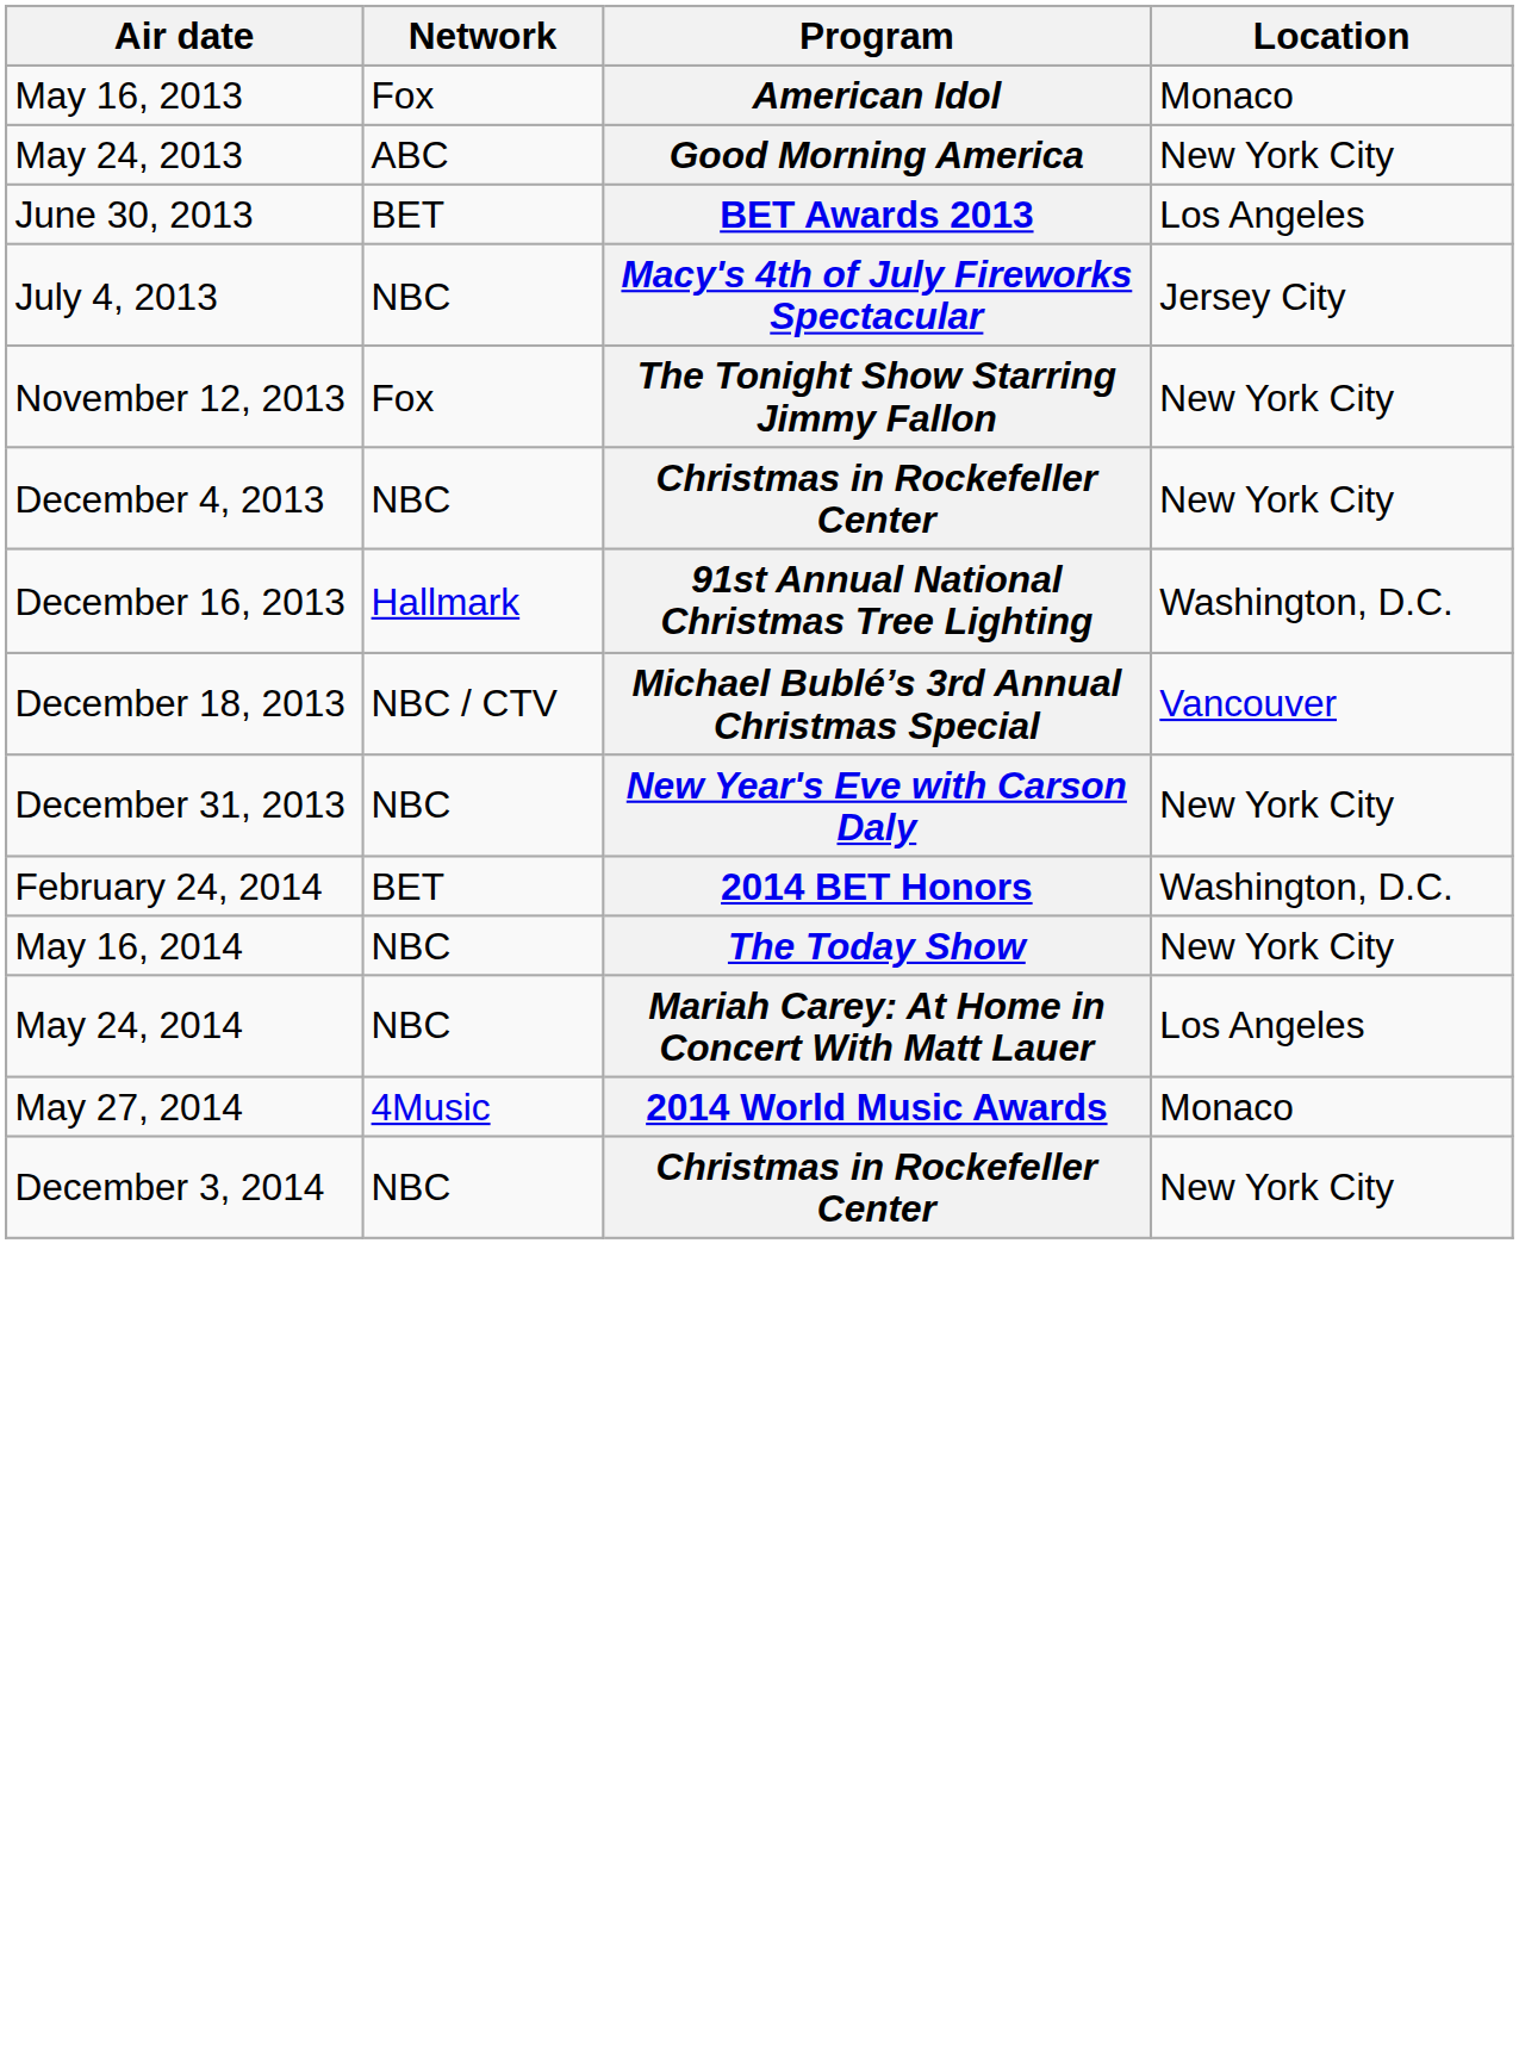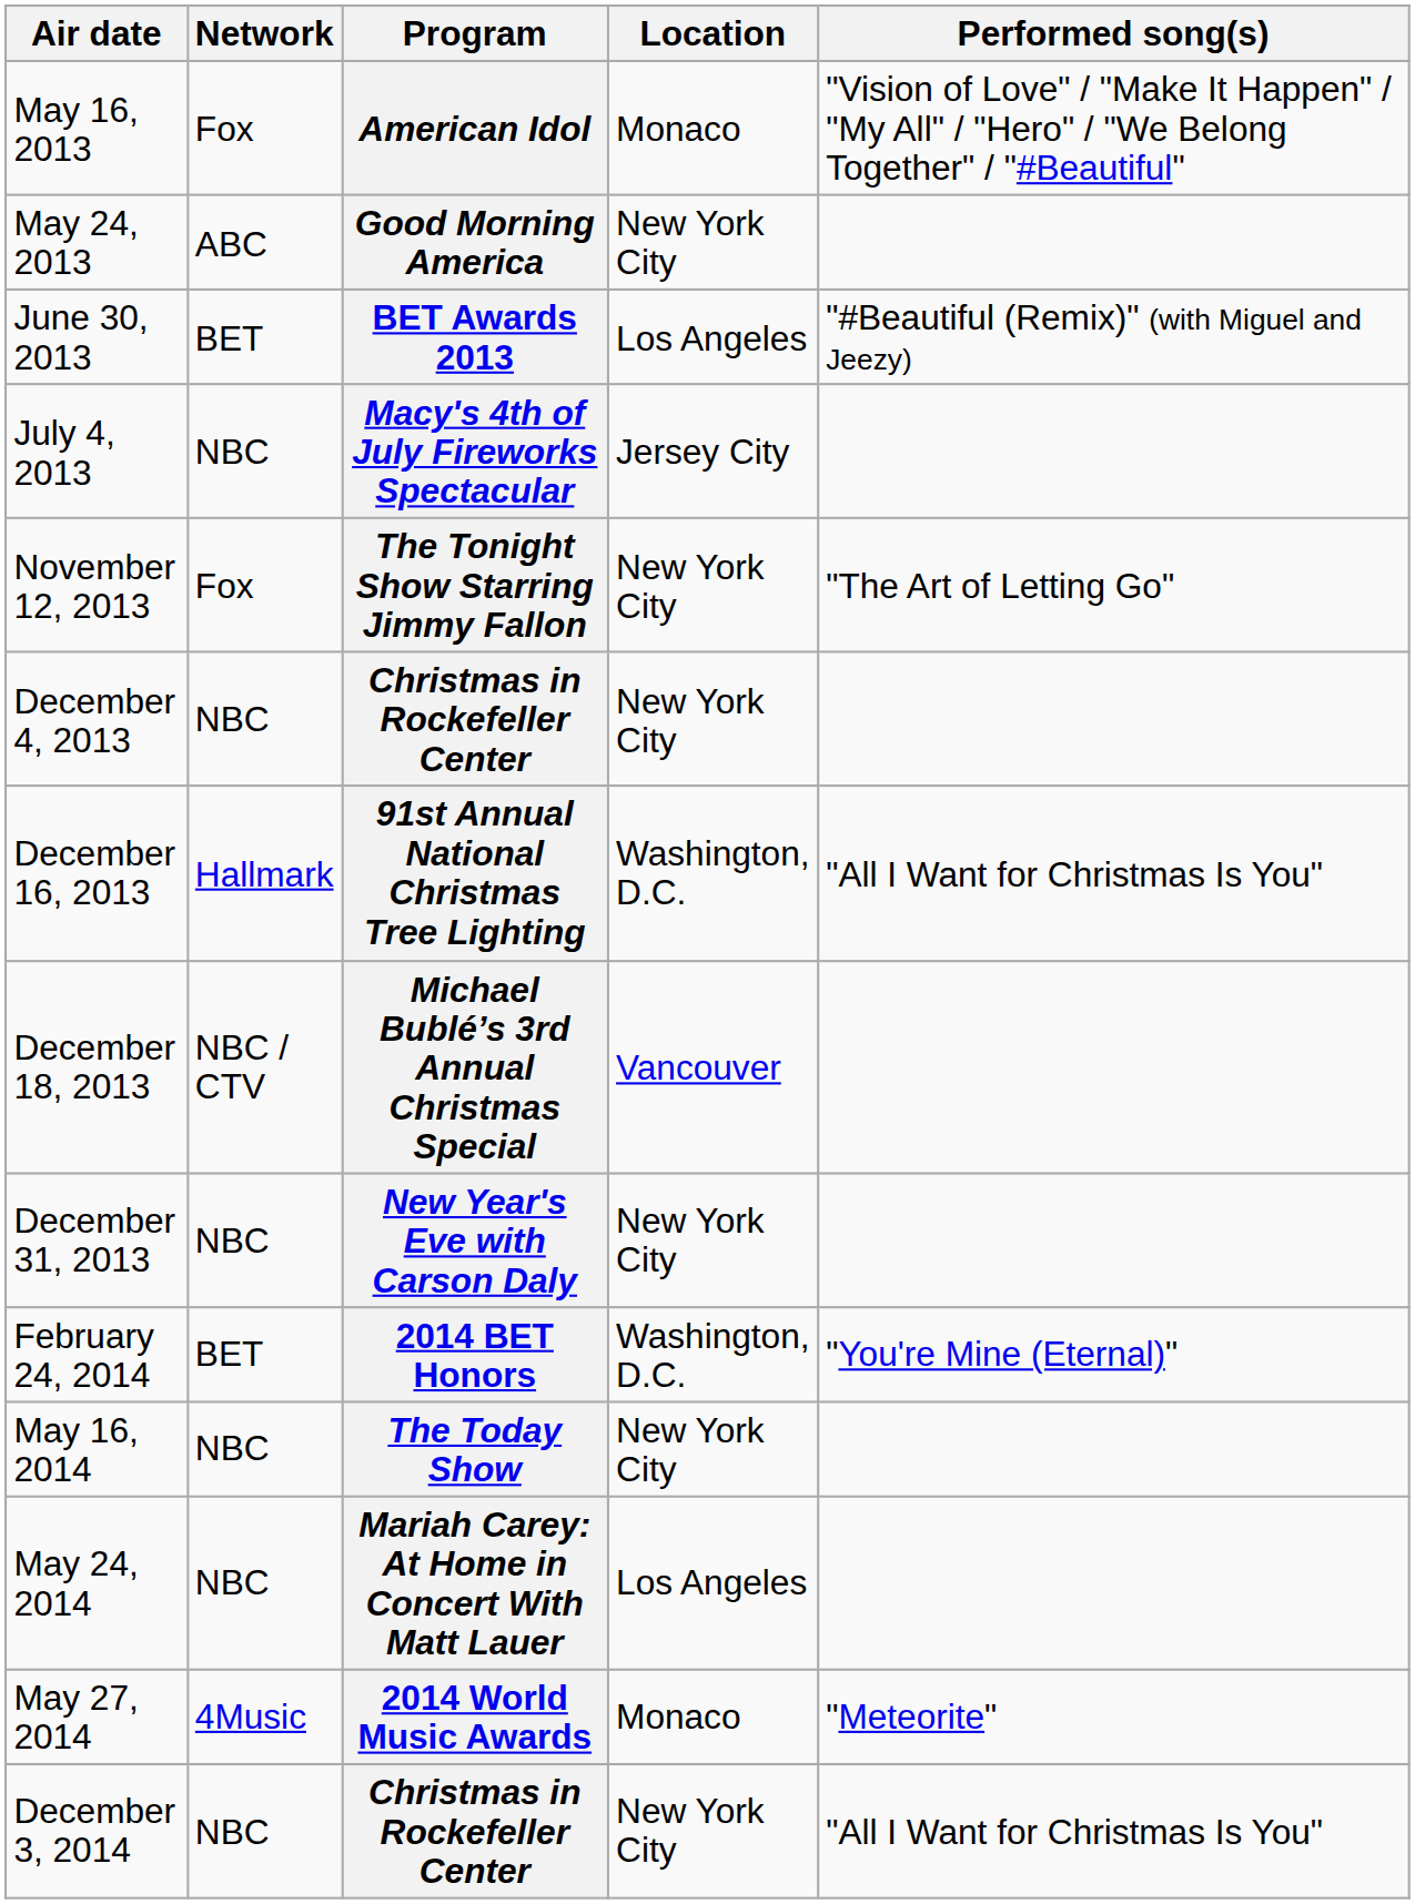 <table class="wikitable sortable plainrowheaders" style="font-size:95%;">
 <tr>
 <th style="width:13%;">Air date</th>
 <th style="width:6%;">Network</th>
 <th style="width:20%;">Program</th>
 <th style="width:11%;">Location</th>
+<th style="width:51%;">Performed song(s)</th>
 </tr>
 <tr>
 <td>May 16, 2013</td>
 <td>Fox</td>
 <th scope="row"><em>American Idol</em></th>
 <td>Monaco</td>
+<td>"Vision of Love" / "Make It Happen" / "My All" / "Hero" / "We Belong Together" / "<a href='#'>#Beautiful</a>"</td>
 </tr>
 <tr>
 <td>May 24, 2013</td>
 <td>ABC</td>
 <th scope="row"><em>Good Morning America</em></th>
 <td>New York City</td>
+<td></td>
 </tr>
 <tr>
 <td>June 30, 2013</td>
 <td>BET</td>
 <th scope="row"><a href='#'>BET Awards 2013</a></th>
 <td>Los Angeles</td>
+<td>"#Beautiful (Remix)" <small>(with Miguel and Jeezy)</small></td>
 </tr>
 <tr>
 <td>July 4, 2013</td>
 <td>NBC</td>
 <th scope="row"><em><a href='#'>Macy's 4th of July Fireworks Spectacular</a></em></th>
 <td>Jersey City</td>
+<td></td>
 </tr>
 <tr>
 <td>November 12, 2013</td>
 <td>Fox</td>
 <th scope="row"><em>The Tonight Show Starring Jimmy Fallon</em></th>
 <td>New York City</td>
+<td>"The Art of Letting Go"</td>
 </tr>
 <tr>
 <td>December 4, 2013</td>
 <td>NBC</td>
 <th scope="row"><em>Christmas in Rockefeller Center</em></th>
 <td>New York City</td>
+<td></td>
 </tr>
 <tr>
 <td>December 16, 2013</td>
 <td><a href='#'>Hallmark</a></td>
 <th scope="row"><em>91st Annual National Christmas Tree Lighting</em></th>
 <td>Washington, D.C.</td>
+<td>"All I Want for Christmas Is You"</td>
 </tr>
 <tr>
 <td>December 18, 2013</td>
 <td>NBC / CTV</td>
 <th scope="row"><em>Michael Bublé’s 3rd Annual Christmas Special</em></th>
 <td><a href='#'>Vancouver</a></td>
+<td></td>
 </tr>
 <tr>
 <td>December 31, 2013</td>
 <td>NBC</td>
 <th scope="row"><em><a href='#'>New Year's Eve with Carson Daly</a></em></th>
 <td>New York City</td>
+<td></td>
 </tr>
 <tr>
 <td>February 24, 2014</td>
 <td>BET</td>
 <th scope="row"><a href='#'>2014 BET Honors</a></th>
 <td>Washington, D.C.</td>
+<td>"<a href='#'>You're Mine (Eternal)</a>"</td>
 </tr>
 <tr>
 <td>May 16, 2014</td>
 <td>NBC</td>
 <th scope="row"><em><a href='#'>The Today Show</a></em></th>
 <td>New York City</td>
+<td></td>
 </tr>
 <tr>
 <td>May 24, 2014</td>
 <td>NBC</td>
 <th scope="row"><em>Mariah Carey: At Home in Concert With Matt Lauer</em></th>
 <td>Los Angeles</td>
+<td></td>
 </tr>
 <tr>
 <td>May 27, 2014</td>
 <td><a href='#'>4Music</a></td>
 <th scope="row"><a href='#'>2014 World Music Awards</a></th>
 <td>Monaco</td>
+<td>"<a href='#'>Meteorite</a>"</td>
 </tr>
 <tr>
 <td>December 3, 2014</td>
 <td>NBC</td>
 <th scope="row"><em>Christmas in Rockefeller Center</em></th>
 <td>New York City</td>
+<td>"All I Want for Christmas Is You"</td>
 </tr>
 </table>
